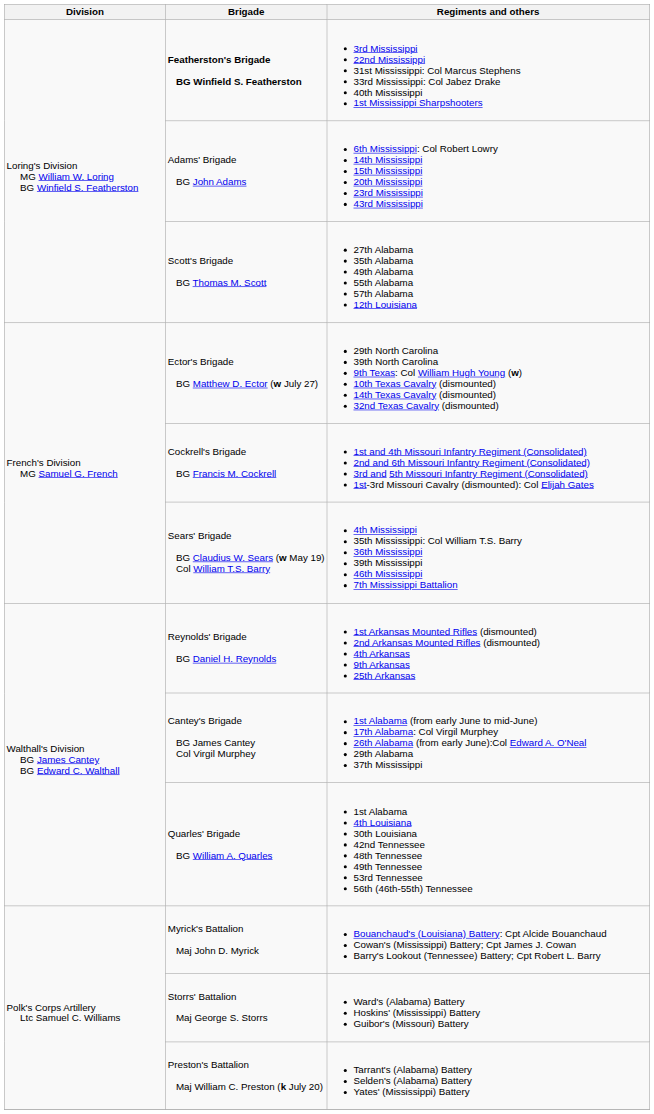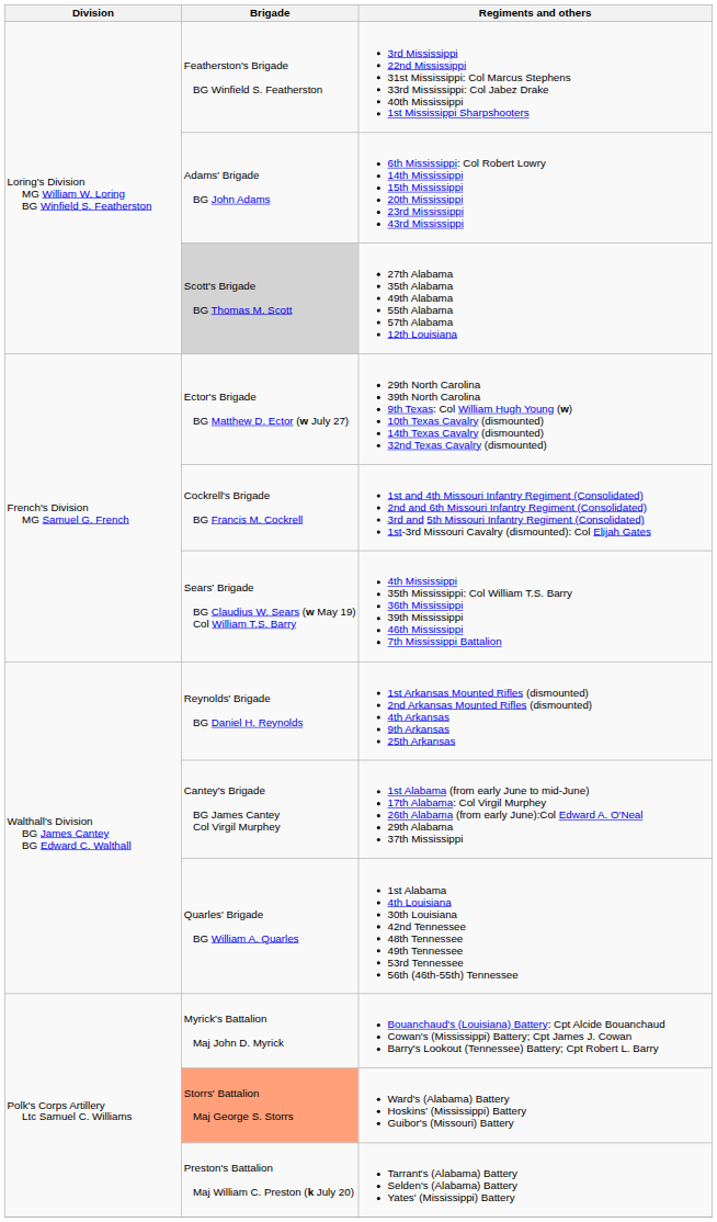 <table class="wikitable">
 <tr>
 <th width=25%>Division</th>
 <th width=25%>Brigade</th>
 <th>Regiments and others</th>
 </tr>
 <tr>
 <td rowspan=3><br>Loring's Division <br>     MG <a href='#'>William W. Loring</a><br>     BG <a href='#'>Winfield S. Featherston</a></td>
-<td><strong>Featherston's Brigade<br><br>   BG Winfield S. Featherston</strong></td>
+<td>Featherston's Brigade<br><br>   BG Winfield S. Featherston</td>
 <td><br><ul><li><a href='#'>3rd Mississippi</a></li><li><a href='#'>22nd Mississippi</a></li><li>31st Mississippi: Col Marcus Stephens</li><li>33rd Mississippi: Col Jabez Drake</li><li>40th Mississippi</li><li><a href='#'>1st Mississippi Sharpshooters</a></li></ul></td>
 </tr>
 <tr>
 <td>Adams' Brigade<br><br>   BG <a href='#'>John Adams</a></td>
 <td><br><ul><li><a href='#'>6th Mississippi</a>: Col Robert Lowry</li><li><a href='#'>14th Mississippi</a></li><li><a href='#'>15th Mississippi</a></li><li><a href='#'>20th Mississippi</a></li><li><a href='#'>23rd Mississippi</a></li><li><a href='#'>43rd Mississippi</a></li></ul></td>
 </tr>
 <tr>
-<td>Scott's Brigade<br><br>   BG <a href='#'>Thomas M. Scott</a></td>
+<td style="background: lightgrey;">Scott's Brigade<br><br>   BG <a href='#'>Thomas M. Scott</a></td>
 <td><br><ul><li>27th Alabama</li><li>35th Alabama</li><li>49th Alabama</li><li>55th Alabama</li><li>57th Alabama</li><li><a href='#'>12th Louisiana</a></li></ul></td>
 </tr>
 <tr>
 <td rowspan=3><br>French's Division <br>     MG <a href='#'>Samuel G. French</a></td>
 <td>Ector's Brigade<br><br>   BG <a href='#'>Matthew D. Ector</a> (<strong>w</strong> July 27)</td>
 <td><br><ul><li>29th North Carolina</li><li>39th North Carolina</li><li><a href='#'>9th Texas</a>: Col <a href='#'>William Hugh Young</a> (<strong>w</strong>)</li><li><a href='#'>10th Texas Cavalry</a> (dismounted)</li><li><a href='#'>14th Texas Cavalry</a> (dismounted)</li><li><a href='#'>32nd Texas Cavalry</a> (dismounted)</li></ul></td>
 </tr>
 <tr>
 <td>Cockrell's Brigade<br><br>   BG <a href='#'>Francis M. Cockrell</a></td>
 <td><br><ul><li><a href='#'>1st and 4th Missouri Infantry Regiment (Consolidated)</a></li><li><a href='#'>2nd and 6th Missouri Infantry Regiment (Consolidated)</a></li><li><a href='#'>3rd and</a> <a href='#'>5th Missouri Infantry Regiment (Consolidated)</a></li><li><a href='#'>1st</a>-3rd Missouri Cavalry (dismounted): Col <a href='#'>Elijah Gates</a></li></ul></td>
 </tr>
 <tr>
 <td>Sears' Brigade<br><br>   BG <a href='#'>Claudius W. Sears</a> (<strong>w</strong> May 19)<br>   Col <a href='#'>William T.S. Barry</a></td>
 <td><br><ul><li><a href='#'>4th Mississippi</a></li><li>35th Mississippi: Col William T.S. Barry</li><li><a href='#'>36th Mississippi</a></li><li>39th Mississippi</li><li><a href='#'>46th Mississippi</a></li><li><a href='#'>7th Mississippi Battalion</a></li></ul></td>
 </tr>
 <tr>
 <td rowspan=3><br>Walthall's Division <br>     BG <a href='#'>James Cantey</a><br>     BG <a href='#'>Edward C. Walthall</a></td>
 <td>Reynolds' Brigade<br><br>   BG <a href='#'>Daniel H. Reynolds</a></td>
 <td><br><ul><li><a href='#'>1st Arkansas Mounted Rifles</a> (dismounted)</li><li><a href='#'>2nd Arkansas Mounted Rifles</a> (dismounted)</li><li><a href='#'>4th Arkansas</a></li><li><a href='#'>9th Arkansas</a></li><li><a href='#'>25th Arkansas</a></li></ul></td>
 </tr>
 <tr>
 <td>Cantey's Brigade<br><br>   BG James Cantey<br>   Col Virgil Murphey</td>
 <td><br><ul><li><a href='#'>1st Alabama</a> (from early June to mid-June)</li><li><a href='#'>17th Alabama</a>: Col Virgil Murphey</li><li><a href='#'>26th Alabama</a> (from early June):Col <a href='#'>Edward A. O'Neal</a></li><li>29th Alabama</li><li>37th Mississippi</li></ul></td>
 </tr>
 <tr>
 <td>Quarles' Brigade<br><br>   BG <a href='#'>William A. Quarles</a></td>
 <td><br><ul><li>1st Alabama</li><li><a href='#'>4th Louisiana</a></li><li>30th Louisiana</li><li>42nd Tennessee</li><li>48th Tennessee</li><li>49th Tennessee</li><li>53rd Tennessee</li><li>56th (46th-55th) Tennessee</li></ul></td>
 </tr>
 <tr>
 <td rowspan=3><br>Polk's Corps Artillery <br>     Ltc Samuel C. Williams</td>
 <td>Myrick's Battalion<br><br>   Maj John D. Myrick</td>
 <td><br><ul><li><a href='#'>Bouanchaud's (Louisiana) Battery</a>: Cpt Alcide Bouanchaud</li><li>Cowan's (Mississippi) Battery; Cpt James J. Cowan</li><li>Barry's Lookout (Tennessee) Battery; Cpt Robert L. Barry</li></ul></td>
 </tr>
 <tr>
-<td>Storrs' Battalion<br><br>   Maj George S. Storrs</td>
+<td style="background: lightsalmon;">Storrs' Battalion<br><br>   Maj George S. Storrs</td>
 <td><br><ul><li>Ward's (Alabama) Battery</li><li>Hoskins' (Mississippi) Battery</li><li>Guibor's (Missouri) Battery</li></ul></td>
 </tr>
 <tr>
 <td>Preston's Battalion<br><br>   Maj William C. Preston (<strong>k</strong> July 20)</td>
 <td><br><ul><li>Tarrant's (Alabama) Battery</li><li>Selden's (Alabama) Battery</li><li>Yates' (Mississippi) Battery</li></ul></td>
 </tr>
 <tr>
 </tr>
 </table>
